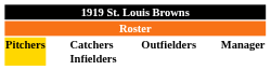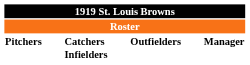 <table class="toccolours" style="font-size: 95%;">
 <tr>
 <th colspan="10" style="background-color: black; color: white; text-align: center;">1919 St. Louis Browns</th>
 </tr>
 <tr>
 <td colspan="10" style="background-color: #F87217; color: white; text-align: center;"><strong>Roster</strong></td>
 </tr>
 <tr>
-<td valign="top" style="background: gold;"><strong>Pitchers</strong><br>             </td>
+<td valign="top"><strong>Pitchers</strong><br>             </td>
 <td width="25px"></td>
 <td valign="top"><strong>Catchers</strong><br>    <strong>Infielders</strong>        </td>
 <td width="25px"></td>
 <td valign="top"><strong>Outfielders</strong><br>     </td>
 <td width="25px"></td>
 <td valign="top"><strong>Manager</strong><br></td>
 </tr>
 <tr>
 </tr>
 </table>
